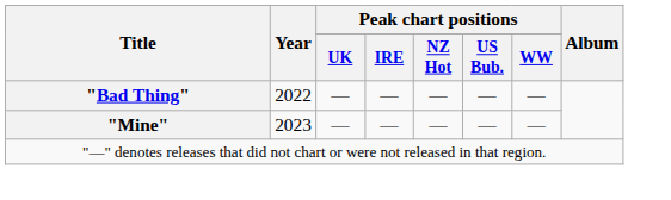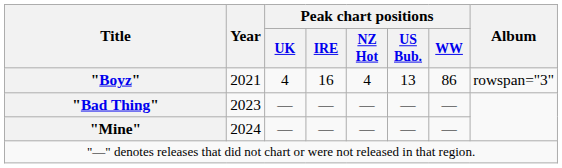 <table class="wikitable plainrowheaders" style="text-align:center;">
 <tr>
 <th scope="col" rowspan="2" style="width:14em;">Title</th>
 <th scope="col" rowspan="2">Year</th>
 <th scope="col" colspan="5">Peak chart positions</th>
 <th scope="col" rowspan="2">Album</th>
 </tr>
 <tr>
 <th scope="col" style="width:2.5em;font-size:90%;"><a href='#'>UK</a><br></th>
 <th scope="col" style="width:2.5em;font-size:90%;"><a href='#'>IRE</a><br></th>
 <th scope="col" style="width:2.5em;font-size:90%;"><a href='#'>NZ<br>Hot</a><br></th>
 <th scope="col" style="width:2.5em;font-size:90%;"><a href='#'>US<br>Bub.</a><br></th>
 <th scope="col" style="width:2.5em;font-size:90%;"><a href='#'>WW</a><br></th>
 </tr>
 <tr>
+<th scope="row">"<a href='#'>Boyz</a>"<br></th>
+<td>2021</td>
+<td>4</td>
+<td>16</td>
+<td>4</td>
+<td>13</td>
+<td>86</td>
+<td>rowspan="3" </td>
+</tr>
+<tr>
 <th scope="row">"<a href='#'>Bad Thing</a>"</th>
-<td>2022</td>
+<td>2023</td>
 <td>—</td>
 <td>—</td>
 <td>—</td>
 <td>—</td>
 <td>—</td>
 </tr>
 <tr>
 <th scope="row">"Mine"<br></th>
-<td>2023</td>
+<td>2024</td>
 <td>—</td>
 <td>—</td>
 <td>—</td>
 <td>—</td>
 <td>—</td>
 </tr>
 <tr>
 <td style="font-size:85%;"colspan="8">"—" denotes releases that did not chart or were not released in that region.</td>
 </tr>
 </table>
